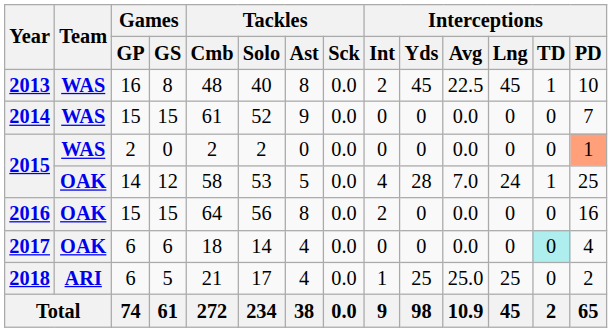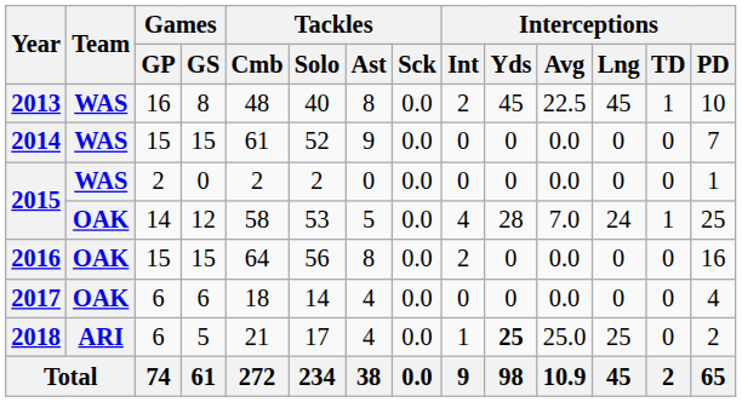 <table class="wikitable" style="text-align:center;">
 <tr>
 <th rowspan="2">Year</th>
 <th rowspan="2">Team</th>
 <th colspan="2">Games</th>
 <th colspan="4">Tackles</th>
 <th colspan="6">Interceptions</th>
 </tr>
 <tr>
 <th>GP</th>
 <th>GS</th>
 <th>Cmb</th>
 <th>Solo</th>
 <th>Ast</th>
 <th>Sck</th>
 <th>Int</th>
 <th>Yds</th>
 <th>Avg</th>
 <th>Lng</th>
 <th>TD</th>
 <th>PD</th>
 </tr>
 <tr>
 <th><a href='#'>2013</a></th>
 <th><a href='#'>WAS</a></th>
 <td>16</td>
 <td>8</td>
 <td>48</td>
 <td>40</td>
 <td>8</td>
 <td>0.0</td>
 <td>2</td>
 <td>45</td>
 <td>22.5</td>
 <td>45</td>
 <td>1</td>
 <td>10</td>
 </tr>
 <tr>
 <th><a href='#'>2014</a></th>
 <th><a href='#'>WAS</a></th>
 <td>15</td>
 <td>15</td>
 <td>61</td>
 <td>52</td>
 <td>9</td>
 <td>0.0</td>
 <td>0</td>
 <td>0</td>
 <td>0.0</td>
 <td>0</td>
 <td>0</td>
 <td>7</td>
 </tr>
 <tr>
 <th rowspan="2"><a href='#'>2015</a></th>
 <th><a href='#'>WAS</a></th>
 <td>2</td>
 <td>0</td>
 <td>2</td>
 <td>2</td>
 <td>0</td>
 <td>0.0</td>
 <td>0</td>
 <td>0</td>
 <td>0.0</td>
 <td>0</td>
 <td>0</td>
-<td style="background: lightsalmon;">1</td>
+<td>1</td>
 </tr>
 <tr>
 <th><a href='#'>OAK</a></th>
 <td>14</td>
 <td>12</td>
 <td>58</td>
 <td>53</td>
 <td>5</td>
 <td>0.0</td>
 <td>4</td>
 <td>28</td>
 <td>7.0</td>
 <td>24</td>
 <td>1</td>
 <td>25</td>
 </tr>
 <tr>
 <th><a href='#'>2016</a></th>
 <th><a href='#'>OAK</a></th>
 <td>15</td>
 <td>15</td>
 <td>64</td>
 <td>56</td>
 <td>8</td>
 <td>0.0</td>
 <td>2</td>
 <td>0</td>
 <td>0.0</td>
 <td>0</td>
 <td>0</td>
 <td>16</td>
 </tr>
 <tr>
 <th><a href='#'>2017</a></th>
 <th><a href='#'>OAK</a></th>
 <td>6</td>
 <td>6</td>
 <td>18</td>
 <td>14</td>
 <td>4</td>
 <td>0.0</td>
 <td>0</td>
 <td>0</td>
 <td>0.0</td>
 <td>0</td>
-<td style="background: paleturquoise;">0</td>
+<td>0</td>
 <td>4</td>
 </tr>
 <tr>
 <th><a href='#'>2018</a></th>
 <th><a href='#'>ARI</a></th>
 <td>6</td>
 <td>5</td>
 <td>21</td>
 <td>17</td>
 <td>4</td>
 <td>0.0</td>
 <td>1</td>
-<td>25</td>
+<td><strong>25</strong></td>
 <td>25.0</td>
 <td>25</td>
 <td>0</td>
 <td>2</td>
 </tr>
 <tr>
 <th colspan="2">Total</th>
 <th>74</th>
 <th>61</th>
 <th>272</th>
 <th>234</th>
 <th>38</th>
 <th>0.0</th>
 <th>9</th>
 <th>98</th>
 <th>10.9</th>
 <th>45</th>
 <th>2</th>
 <th>65</th>
 </tr>
 </table>
